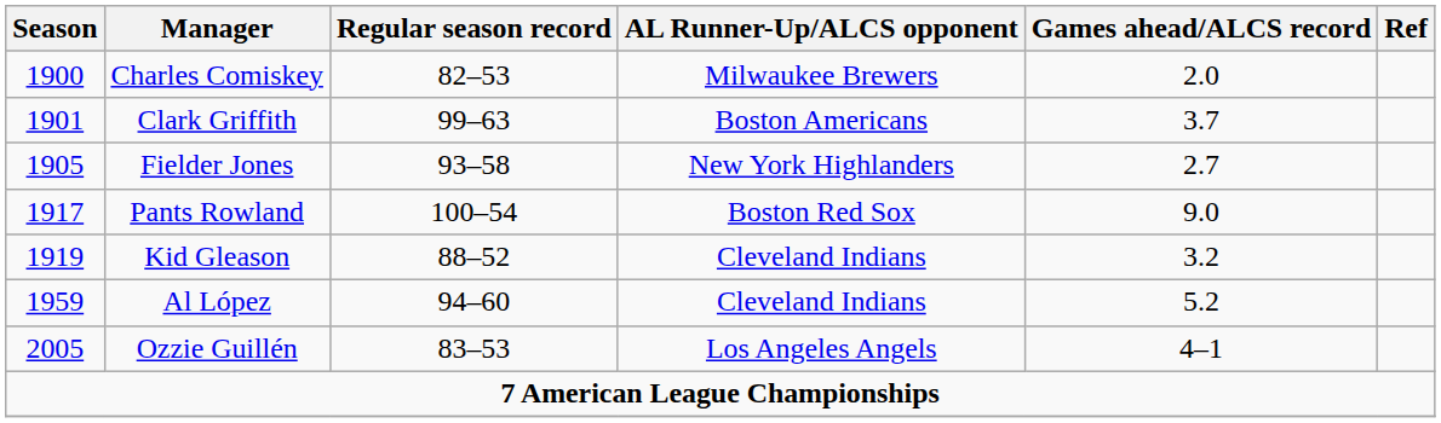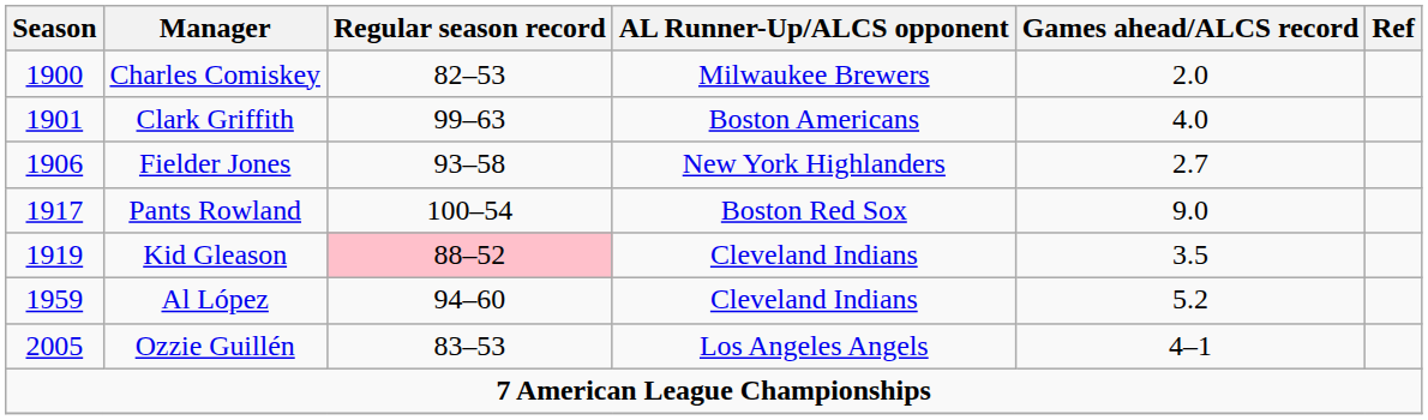 <table class="wikitable sortable" style="text-align:center">
 <tr>
 <th>Season</th>
 <th>Manager</th>
 <th>Regular season record</th>
 <th>AL Runner-Up/ALCS opponent</th>
 <th>Games ahead/ALCS record</th>
 <th class="unsortable">Ref</th>
 </tr>
 <tr>
 <td><a href='#'>1900</a></td>
 <td><a href='#'>Charles Comiskey</a></td>
 <td>82–53</td>
 <td><a href='#'>Milwaukee Brewers</a></td>
 <td>2.0</td>
 <td></td>
 </tr>
 <tr>
 <td><a href='#'>1901</a></td>
 <td><a href='#'>Clark Griffith</a></td>
 <td>99–63</td>
 <td><a href='#'>Boston Americans</a></td>
-<td>3.7</td>
+<td>4.0</td>
 <td></td>
 </tr>
 <tr>
-<td><a href='#'>1905</a></td>
+<td><a href='#'>1906</a></td>
 <td><a href='#'>Fielder Jones</a></td>
 <td>93–58</td>
 <td><a href='#'>New York Highlanders</a></td>
 <td>2.7</td>
 <td></td>
 </tr>
 <tr>
 <td><a href='#'>1917</a></td>
 <td><a href='#'>Pants Rowland</a></td>
 <td>100–54</td>
 <td><a href='#'>Boston Red Sox</a></td>
 <td>9.0</td>
 <td></td>
 </tr>
 <tr>
 <td><a href='#'>1919</a></td>
 <td><a href='#'>Kid Gleason</a></td>
-<td>88–52</td>
+<td style="background: pink;">88–52</td>
 <td><a href='#'>Cleveland Indians</a></td>
-<td>3.2</td>
+<td>3.5</td>
 <td></td>
 </tr>
 <tr>
 <td><a href='#'>1959</a></td>
 <td><a href='#'>Al López</a></td>
 <td>94–60</td>
 <td><a href='#'>Cleveland Indians</a></td>
 <td>5.2</td>
 <td></td>
 </tr>
 <tr>
 <td><a href='#'>2005</a></td>
 <td><a href='#'>Ozzie Guillén</a></td>
 <td>83–53</td>
 <td><a href='#'>Los Angeles Angels</a></td>
 <td>4–1</td>
 <td></td>
 </tr>
 <tr>
 <td colspan="7"><strong>7 American League Championships</strong></td>
 </tr>
 <tr>
 </tr>
 </table>
